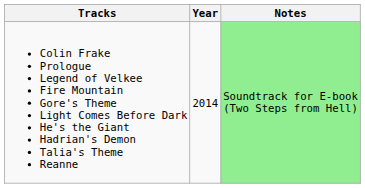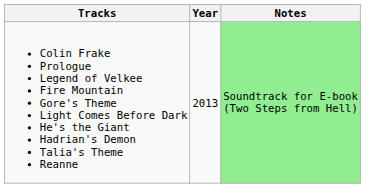 <table class="wikitable sortable">
 <tr>
 <th>Tracks</th>
 <th>Year</th>
 <th>Notes</th>
 </tr>
 <tr>
 <td><br><ul><li>Colin Frake</li><li>Prologue</li><li>Legend of Velkee</li><li>Fire Mountain</li><li>Gore's Theme</li><li>Light Comes Before Dark</li><li>He's the Giant</li><li>Hadrian's Demon</li><li>Talia's Theme</li><li>Reanne</li></ul></td>
-<td>2014</td>
+<td>2013</td>
 <td style="background: lightgreen;">Soundtrack for E-book<br>(Two Steps from Hell)</td>
 </tr>
 </table>
